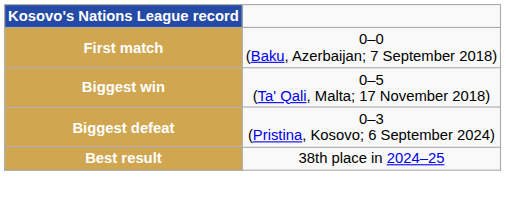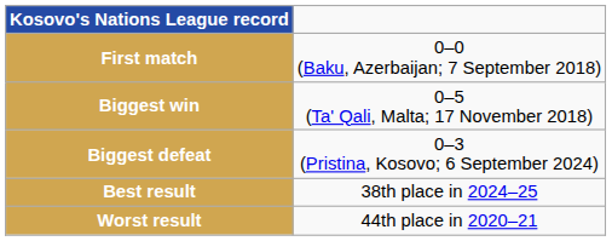 <table class="wikitable floatright" style="text-align:center;font-size:85%;">
 <tr>
 <th style="background:#244AA5;color:white;"><strong>Kosovo's Nations League record</strong></th>
 </tr>
 <tr>
 <th style="background:#d0A650;color:white;">First match</th>
 <td> 0–0 <br>(<a href='#'>Baku</a>, Azerbaijan; 7 September 2018)</td>
 </tr>
 <tr>
 <th style="background:#d0A650;color:white;">Biggest win</th>
 <td> 0–5 <br>(<a href='#'>Ta' Qali</a>, Malta; 17 November 2018)</td>
 </tr>
 <tr>
 <th style="background:#d0A650;color:white;">Biggest defeat</th>
 <td> 0–3 <br>(<a href='#'>Pristina</a>, Kosovo; 6 September 2024)</td>
 </tr>
 <tr>
 <th style="background:#d0A650;color:white;">Best result</th>
 <td>38th place in <a href='#'>2024–25</a></td>
 </tr>
+<tr>
+<th style="background:#d0A650;color:white;">Worst result</th>
+<td>44th place in <a href='#'>2020–21</a></td>
+</tr>
 </table>
